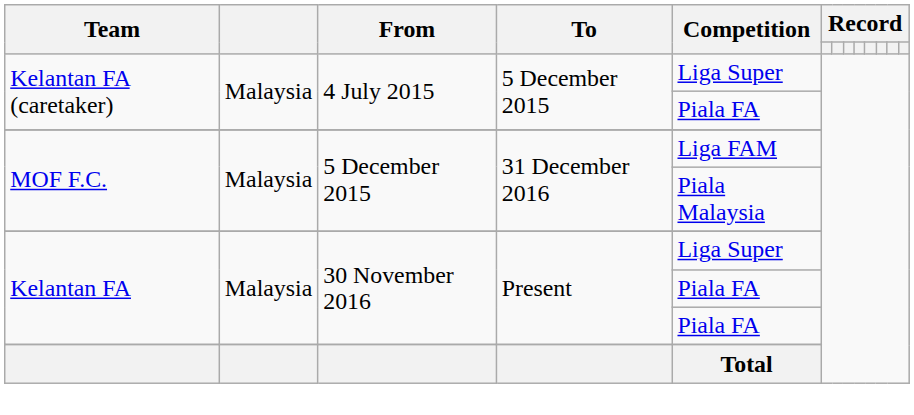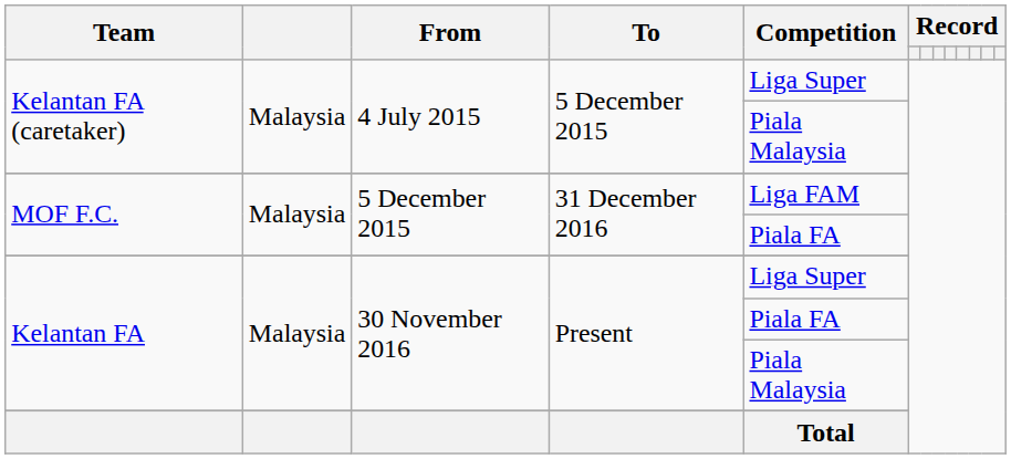 <table class="wikitable" style="text-align: center">
 <tr>
 <th rowspan="2">Team</th>
 <th rowspan="2"></th>
 <th rowspan="2">From</th>
 <th rowspan="2">To</th>
 <th rowspan="2">Competition</th>
 <th colspan="8">Record</th>
 </tr>
 <tr>
 <th></th>
 <th></th>
 <th></th>
 <th></th>
 <th></th>
 <th></th>
 <th></th>
 <th></th>
 </tr>
 <tr>
 <td rowspan=2 align=left><a href='#'>Kelantan FA</a> (caretaker)</td>
 <td rowspan=2 align=left>Malaysia</td>
 <td rowspan=2 align=left>4 July 2015</td>
 <td rowspan=2 align=left>5 December 2015</td>
 <td align=left><a href='#'>Liga Super</a><br></td>
 </tr>
 <tr>
-<td align=left><a href='#'>Piala FA</a><br></td>
+<td align=left><a href='#'>Piala Malaysia</a><br></td>
 </tr>
 <tr>
 </tr>
 <tr>
 <td rowspan=2 align=left><a href='#'>MOF F.C.</a></td>
 <td rowspan=2 align=left>Malaysia</td>
 <td rowspan=2 align=left>5 December 2015</td>
 <td rowspan=2 align=left>31 December 2016</td>
 <td align=left><a href='#'>Liga FAM</a><br></td>
 </tr>
 <tr>
-<td align=left><a href='#'>Piala Malaysia</a><br></td>
+<td align=left><a href='#'>Piala FA</a><br></td>
 </tr>
 <tr>
 </tr>
 <tr>
 <td rowspan=3 align=left><a href='#'>Kelantan FA</a></td>
 <td rowspan=3 align=left>Malaysia</td>
 <td rowspan=3 align=left>30 November 2016</td>
 <td rowspan=3 align=left>Present</td>
 <td align=left><a href='#'>Liga Super</a><br></td>
 </tr>
 <tr>
 <td align=left><a href='#'>Piala FA</a><br></td>
 </tr>
 <tr>
-<td align=left><a href='#'>Piala FA</a><br></td>
+<td align=left><a href='#'>Piala Malaysia</a><br></td>
 </tr>
 <tr>
 </tr>
 <tr>
 <th></th>
 <th></th>
 <th></th>
 <th></th>
 <th>Total<br></th>
 </tr>
 </table>
